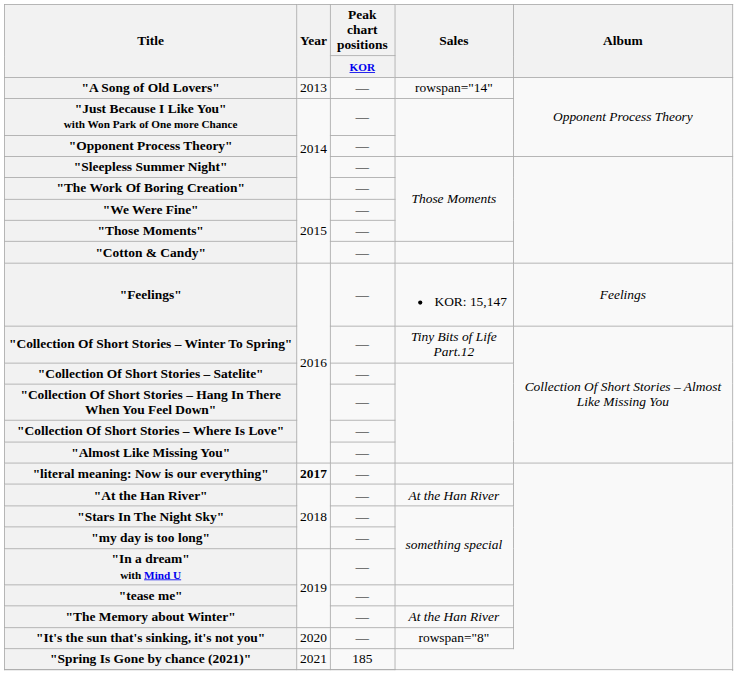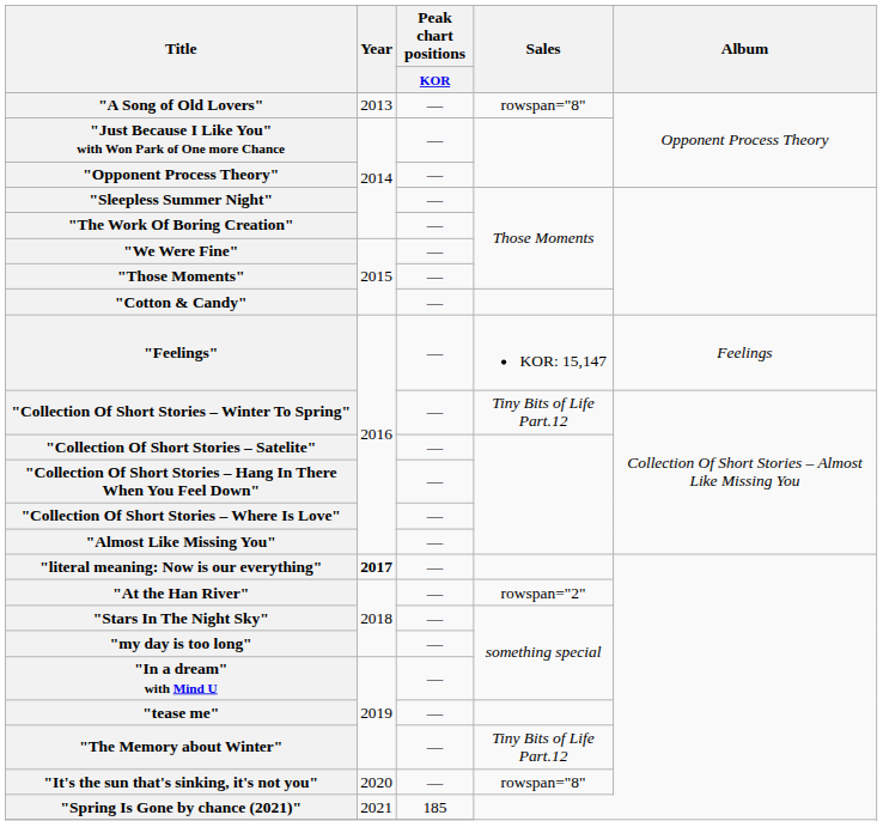 <table class="wikitable plainrowheaders" style="text-align:center;">
 <tr>
 <th scope="col" rowspan="2">Title</th>
 <th scope="col" rowspan="2">Year</th>
 <th scope="col" colspan="1">Peak chart <br> positions</th>
 <th scope="col" rowspan="2">Sales</th>
 <th scope="col" rowspan="2">Album</th>
 </tr>
 <tr>
 <th><small><a href='#'>KOR</a></small><br></th>
 </tr>
 <tr>
 <th scope="row">"A Song of Old Lovers" </th>
 <td>2013</td>
 <td>—</td>
-<td>rowspan="14" </td>
+<td>rowspan="8" </td>
 <td rowspan="3"><em>Opponent Process Theory</em></td>
 </tr>
 <tr>
 <th scope="row">"Just Because I Like You" <br><small>with Won Park of One more Chance</small></th>
 <td rowspan="4">2014</td>
 <td>—</td>
 </tr>
 <tr>
 <th scope="row">"Opponent Process Theory" </th>
 <td>—</td>
 </tr>
 <tr>
 <th scope="row">"Sleepless Summer Night" </th>
 <td>—</td>
 <td rowspan="4"><em>Those Moments</em></td>
 </tr>
 <tr>
 <th scope="row">"The Work Of Boring Creation" </th>
 <td>—</td>
 </tr>
 <tr>
 <th scope="row">"We Were Fine" </th>
 <td rowspan="3">2015</td>
 <td>—</td>
 </tr>
 <tr>
 <th scope="row">"Those Moments" </th>
 <td>—</td>
 </tr>
 <tr>
 <th scope="row">"Cotton & Candy" </th>
 <td>—</td>
 <td></td>
 </tr>
 <tr>
 <th scope="row">"Feelings" </th>
 <td rowspan="6">2016</td>
 <td>—</td>
 <td><br><ul><li>KOR: 15,147</li></ul></td>
 <td><em>Feelings</em></td>
 </tr>
 <tr>
 <th scope="row">"Collection Of Short Stories – Winter To Spring" </th>
 <td>—</td>
 <td><em>Tiny Bits of Life Part.12</em></td>
 <td rowspan="5"><em>Collection Of Short Stories – Almost Like Missing You</em></td>
 </tr>
 <tr>
 <th scope="row">"Collection Of Short Stories – Satelite" </th>
 <td>—</td>
 </tr>
 <tr>
 <th scope="row">"Collection Of Short Stories – Hang In There When You Feel Down" </th>
 <td>—</td>
 </tr>
 <tr>
 <th scope="row">"Collection Of Short Stories – Where Is Love" </th>
 <td>—</td>
 </tr>
 <tr>
 <th scope="row">"Almost Like Missing You" </th>
 <td>—</td>
 </tr>
 <tr>
 <th scope="row">"literal meaning: Now is our everything" </th>
 <td><strong>2017</strong></td>
 <td>—</td>
 <td></td>
 </tr>
 <tr>
 <th scope="row">"At the Han River" </th>
 <td rowspan="3">2018</td>
 <td>—</td>
-<td><em>At the Han River</em></td>
+<td>rowspan="2" </td>
 </tr>
 <tr>
 <th scope="row">"Stars In The Night Sky" </th>
 <td>—</td>
 <td rowspan="3"><em>something special</em></td>
 </tr>
 <tr>
 <th scope="row">"my day is too long" </th>
 <td>—</td>
 </tr>
 <tr>
 <th scope="row">"In a dream" <br><small>with <a href='#'>Mind U</a></small></th>
 <td rowspan="3">2019</td>
 <td>—</td>
 </tr>
 <tr>
 <th scope="row">"tease me" </th>
 <td>—</td>
 <td></td>
 </tr>
 <tr>
 <th scope="row">"The Memory about Winter" </th>
 <td>—</td>
-<td><em>At the Han River</em></td>
+<td><em>Tiny Bits of Life Part.12</em></td>
 </tr>
 <tr>
 <th scope="row">"It's the sun that's sinking, it's not you" </th>
 <td>2020</td>
 <td>—</td>
 <td>rowspan="8" </td>
 </tr>
 <tr>
 <th scope="row">"Spring Is Gone by chance (2021)" </th>
 <td>2021</td>
 <td>185</td>
 </tr>
 <tr>
 </tr>
 </table>
